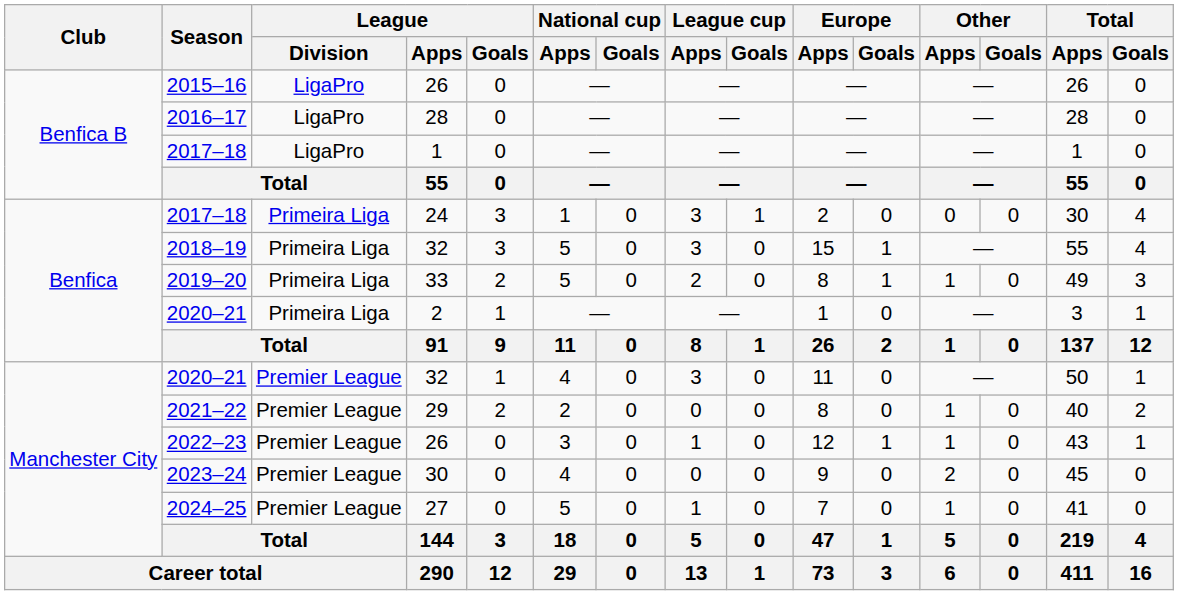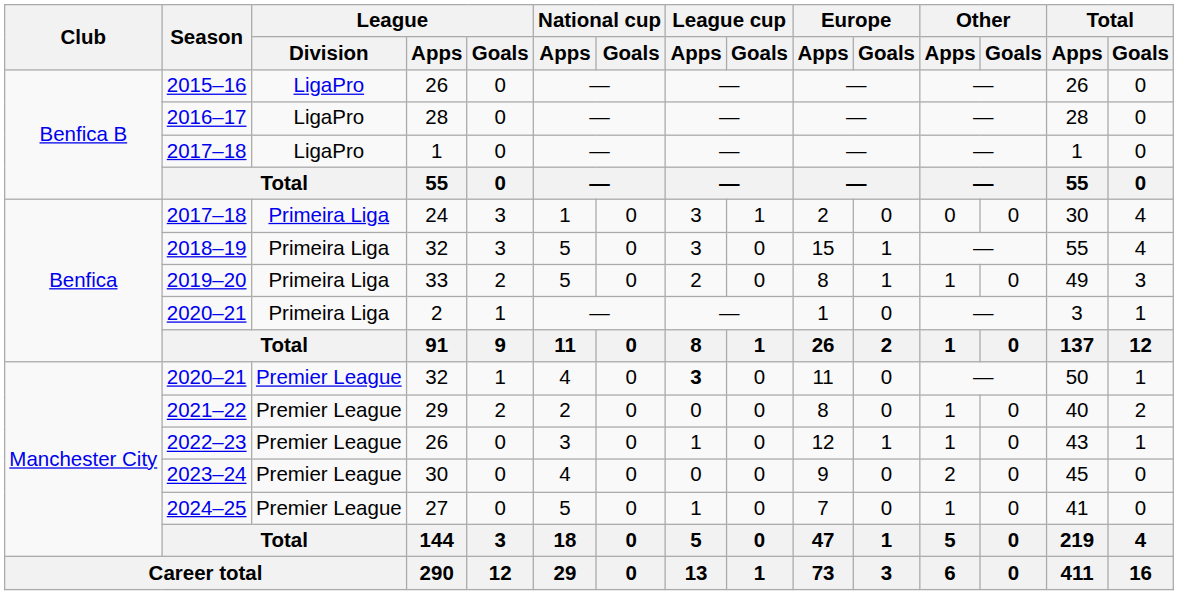 <table class="wikitable" style="text-align: center;">
 <tr>
 <th rowspan="2">Club</th>
 <th rowspan="2">Season</th>
 <th colspan="3">League</th>
 <th colspan="2">National cup</th>
 <th colspan="2">League cup</th>
 <th colspan="2">Europe</th>
 <th colspan="2">Other</th>
 <th colspan="2">Total</th>
 </tr>
 <tr>
 <th>Division</th>
 <th>Apps</th>
 <th>Goals</th>
 <th>Apps</th>
 <th>Goals</th>
 <th>Apps</th>
 <th>Goals</th>
 <th>Apps</th>
 <th>Goals</th>
 <th>Apps</th>
 <th>Goals</th>
 <th>Apps</th>
 <th>Goals</th>
 </tr>
 <tr>
 <td rowspan="4"><a href='#'>Benfica B</a></td>
 <td><a href='#'>2015–16</a></td>
 <td><a href='#'>LigaPro</a></td>
 <td>26</td>
 <td>0</td>
 <td colspan="2">—</td>
 <td colspan="2">—</td>
 <td colspan="2">—</td>
 <td colspan="2">—</td>
 <td>26</td>
 <td>0</td>
 </tr>
 <tr>
 <td><a href='#'>2016–17</a></td>
 <td>LigaPro</td>
 <td>28</td>
 <td>0</td>
 <td colspan="2">—</td>
 <td colspan="2">—</td>
 <td colspan="2">—</td>
 <td colspan="2">—</td>
 <td>28</td>
 <td>0</td>
 </tr>
 <tr>
 <td><a href='#'>2017–18</a></td>
 <td>LigaPro</td>
 <td>1</td>
 <td>0</td>
 <td colspan="2">—</td>
 <td colspan="2">—</td>
 <td colspan="2">—</td>
 <td colspan="2">—</td>
 <td>1</td>
 <td>0</td>
 </tr>
 <tr>
 <th colspan="2">Total</th>
 <th>55</th>
 <th>0</th>
 <th colspan="2">—</th>
 <th colspan="2">—</th>
 <th colspan="2">—</th>
 <th colspan="2">—</th>
 <th>55</th>
 <th>0</th>
 </tr>
 <tr>
 <td rowspan="5"><a href='#'>Benfica</a></td>
 <td><a href='#'>2017–18</a></td>
 <td><a href='#'>Primeira Liga</a></td>
 <td>24</td>
 <td>3</td>
 <td>1</td>
 <td>0</td>
 <td>3</td>
 <td>1</td>
 <td>2</td>
 <td>0</td>
 <td>0</td>
 <td>0</td>
 <td>30</td>
 <td>4</td>
 </tr>
 <tr>
 <td><a href='#'>2018–19</a></td>
 <td>Primeira Liga</td>
 <td>32</td>
 <td>3</td>
 <td>5</td>
 <td>0</td>
 <td>3</td>
 <td>0</td>
 <td>15</td>
 <td>1</td>
 <td colspan="2">—</td>
 <td>55</td>
 <td>4</td>
 </tr>
 <tr>
 <td><a href='#'>2019–20</a></td>
 <td>Primeira Liga</td>
 <td>33</td>
 <td>2</td>
 <td>5</td>
 <td>0</td>
 <td>2</td>
 <td>0</td>
 <td>8</td>
 <td>1</td>
 <td>1</td>
 <td>0</td>
 <td>49</td>
 <td>3</td>
 </tr>
 <tr>
 <td><a href='#'>2020–21</a></td>
 <td>Primeira Liga</td>
 <td>2</td>
 <td>1</td>
 <td colspan="2">—</td>
 <td colspan="2">—</td>
 <td>1</td>
 <td>0</td>
 <td colspan="2">—</td>
 <td>3</td>
 <td>1</td>
 </tr>
 <tr>
 <th colspan="2">Total</th>
 <th>91</th>
 <th>9</th>
 <th>11</th>
 <th>0</th>
 <th>8</th>
 <th>1</th>
 <th>26</th>
 <th>2</th>
 <th>1</th>
 <th>0</th>
 <th>137</th>
 <th>12</th>
 </tr>
 <tr>
 <td rowspan="6"><a href='#'>Manchester City</a></td>
 <td><a href='#'>2020–21</a></td>
 <td><a href='#'>Premier League</a></td>
 <td>32</td>
 <td>1</td>
 <td>4</td>
 <td>0</td>
-<td>3</td>
+<td><strong>3</strong></td>
 <td>0</td>
 <td>11</td>
 <td>0</td>
 <td colspan="2">—</td>
 <td>50</td>
 <td>1</td>
 </tr>
 <tr>
 <td><a href='#'>2021–22</a></td>
 <td>Premier League</td>
 <td>29</td>
 <td>2</td>
 <td>2</td>
 <td>0</td>
 <td>0</td>
 <td>0</td>
 <td>8</td>
 <td>0</td>
 <td>1</td>
 <td>0</td>
 <td>40</td>
 <td>2</td>
 </tr>
 <tr>
 <td><a href='#'>2022–23</a></td>
 <td>Premier League</td>
 <td>26</td>
 <td>0</td>
 <td>3</td>
 <td>0</td>
 <td>1</td>
 <td>0</td>
 <td>12</td>
 <td>1</td>
 <td>1</td>
 <td>0</td>
 <td>43</td>
 <td>1</td>
 </tr>
 <tr>
 <td><a href='#'>2023–24</a></td>
 <td>Premier League</td>
 <td>30</td>
 <td>0</td>
 <td>4</td>
 <td>0</td>
 <td>0</td>
 <td>0</td>
 <td>9</td>
 <td>0</td>
 <td>2</td>
 <td>0</td>
 <td>45</td>
 <td>0</td>
 </tr>
 <tr>
 <td><a href='#'>2024–25</a></td>
 <td>Premier League</td>
 <td>27</td>
 <td>0</td>
 <td>5</td>
 <td>0</td>
 <td>1</td>
 <td>0</td>
 <td>7</td>
 <td>0</td>
 <td>1</td>
 <td>0</td>
 <td>41</td>
 <td>0</td>
 </tr>
 <tr>
 <th colspan="2">Total</th>
 <th>144</th>
 <th>3</th>
 <th>18</th>
 <th>0</th>
 <th>5</th>
 <th>0</th>
 <th>47</th>
 <th>1</th>
 <th>5</th>
 <th>0</th>
 <th>219</th>
 <th>4</th>
 </tr>
 <tr>
 <th colspan="3">Career total</th>
 <th>290</th>
 <th>12</th>
 <th>29</th>
 <th>0</th>
 <th>13</th>
 <th>1</th>
 <th>73</th>
 <th>3</th>
 <th>6</th>
 <th>0</th>
 <th>411</th>
 <th>16</th>
 </tr>
 </table>
